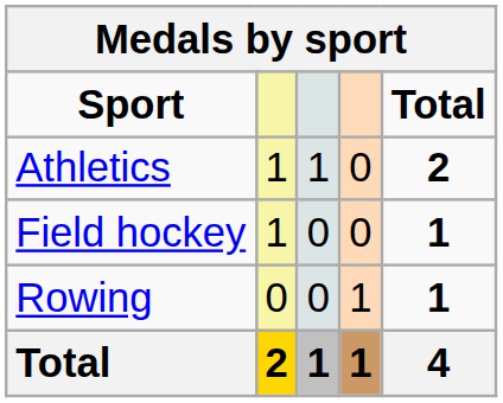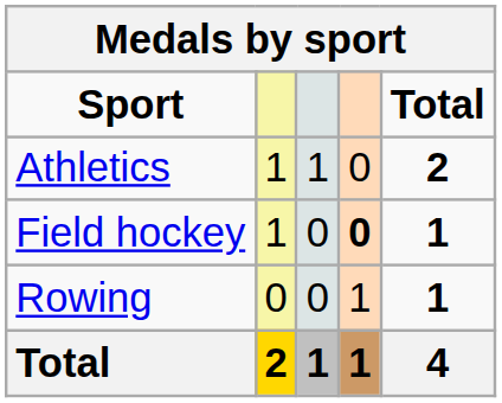 <table class="wikitable" style="text-align:center;font-size:90%">
 <tr style="background:#efefef;">
 <th colspan=7>Medals by sport</th>
 </tr>
 <tr>
 <td><strong>Sport</strong></td>
 <td bgcolor=#f7f6a8></td>
 <td bgcolor=#dce5e5></td>
 <td bgcolor=#ffdab9></td>
 <td><strong>Total</strong></td>
 </tr>
 <tr>
 <td style="text-align:left;"><a href='#'>Athletics</a></td>
 <td style="background:#F7F6A8;">1</td>
 <td style="background:#DCE5E5;">1</td>
 <td style="background:#FFDAB9;">0</td>
 <td><strong>2</strong></td>
 </tr>
 <tr>
 <td style="text-align:left;"><a href='#'>Field hockey</a></td>
 <td style="background:#F7F6A8;">1</td>
 <td style="background:#DCE5E5;">0</td>
-<td style="background:#FFDAB9;">0</td>
+<td style="background:#FFDAB9;"><strong>0</strong></td>
 <td><strong>1</strong></td>
 </tr>
 <tr>
 <td style="text-align:left;"><a href='#'>Rowing</a></td>
 <td style="background:#F7F6A8;">0</td>
 <td style="background:#DCE5E5;">0</td>
 <td style="background:#FFDAB9;">1</td>
 <td><strong>1</strong></td>
 </tr>
 <tr>
 <th style="text-align:left;">Total</th>
 <th style="background:gold;">2</th>
 <th style="background:silver;">1</th>
 <th style="background:#c96;">1</th>
 <th>4</th>
 </tr>
 </table>
